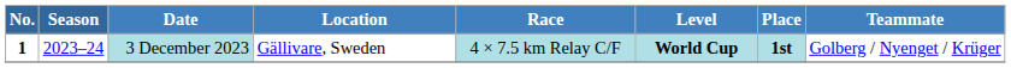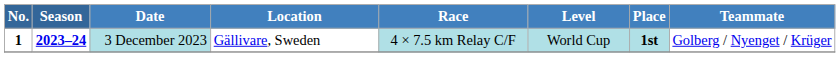 <table class="wikitable sortable" style="font-size:95%; text-align:center; border:grey solid 1px; border-collapse:collapse; background:#ffffff;">
 <tr style="background:#efefef;">
 <th style="background-color:#369; color:white;">No.</th>
 <th style="background-color:#369; color:white;">Season</th>
 <th style="background-color:#4180be; color:white; width:120px;">Date</th>
 <th style="background-color:#4180be; color:white; width:170px;">Location</th>
 <th style="background-color:#4180be; color:white; width:150px;">Race</th>
 <th style="background-color:#4180be; color:white; width:100px;">Level</th>
 <th style="background-color:#4180be; color:white;">Place</th>
 <th style="background-color:#4180be; color:white;">Teammate</th>
 </tr>
 <tr>
 <td align=center><strong>1</strong></td>
-<td align=center><a href='#'>2023–24</a></td>
+<td align=center><strong><a href='#'>2023–24</a></strong></td>
 <td bgcolor="#BOEOE6" align=right>3 December 2023</td>
 <td align=left> <a href='#'>Gällivare</a>, Sweden</td>
 <td bgcolor="#BOEOE6">4 × 7.5 km Relay C/F</td>
-<td bgcolor="#BOEOE6"><strong>World Cup</strong></td>
+<td bgcolor="#BOEOE6">World Cup</td>
 <td bgcolor="#BOEOE6"><strong>1st</strong></td>
 <td><a href='#'>Golberg</a> / <a href='#'>Nyenget</a> / <a href='#'>Krüger</a></td>
 </tr>
 <tr>
 </tr>
 </table>
